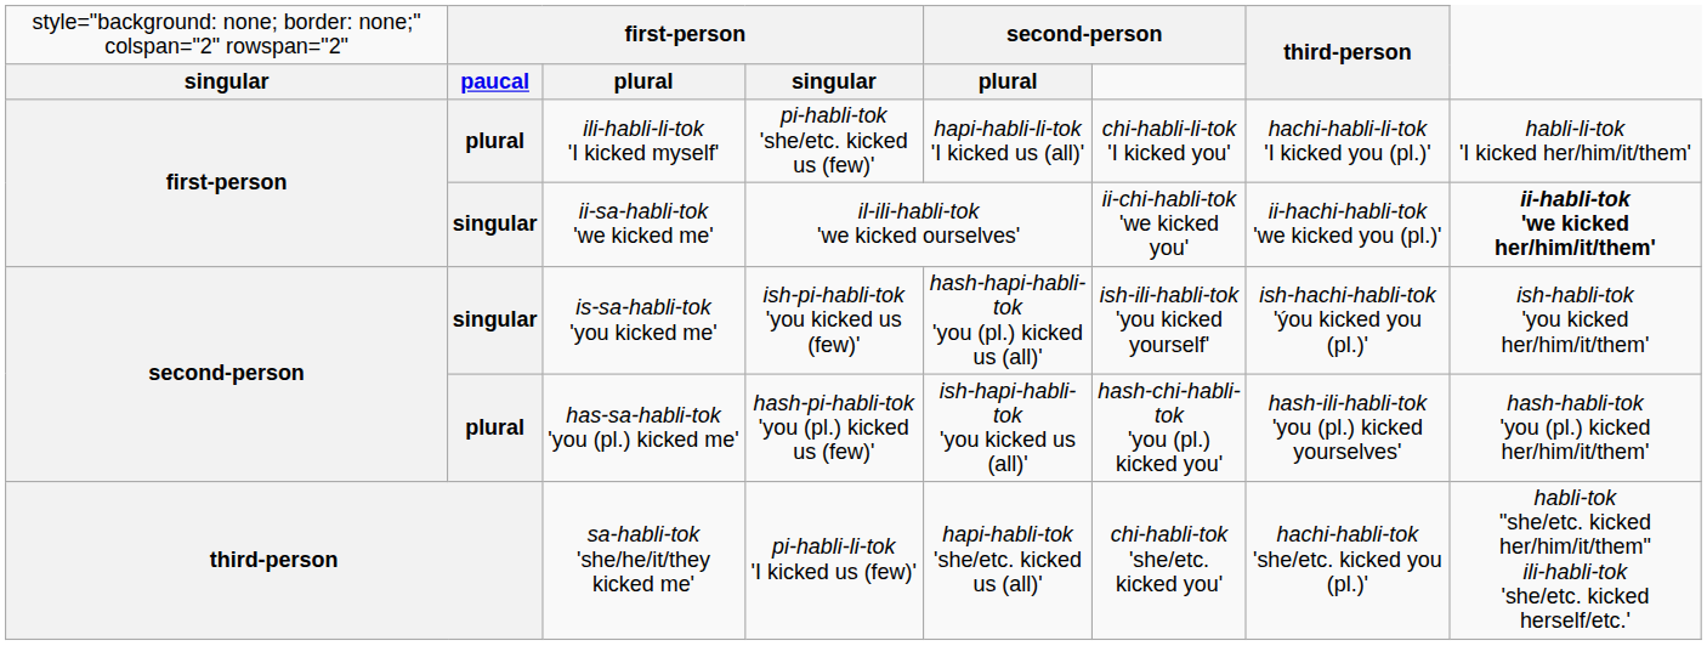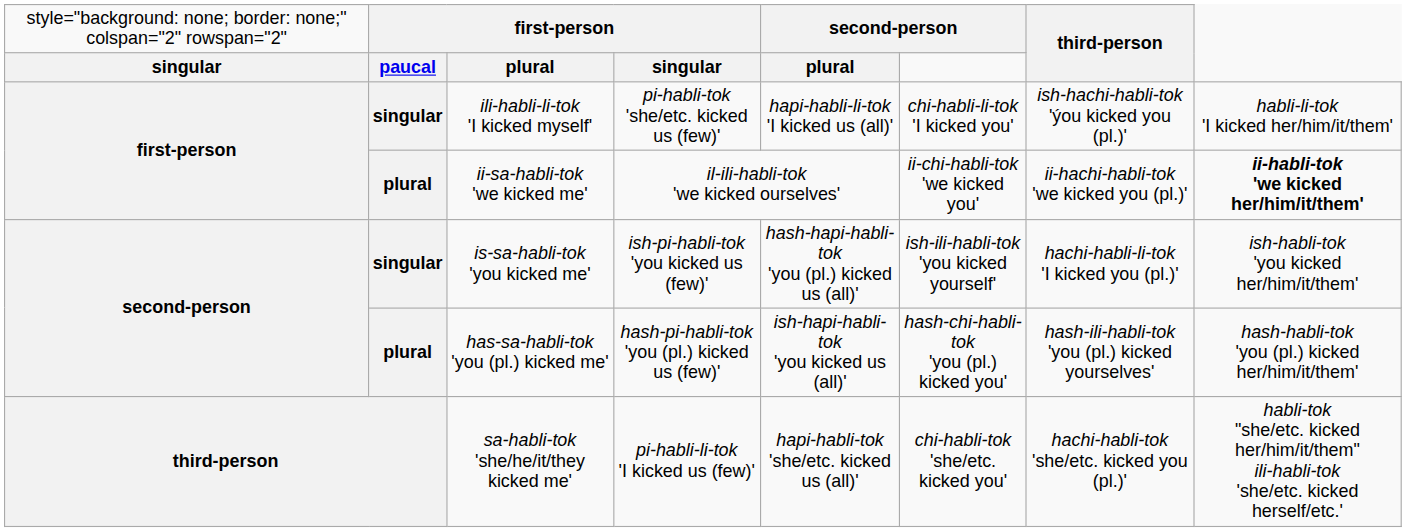 <table class="wikitable" style="border: none; text-align: center;">
 <tr>
 <td>style="background: none; border: none;" colspan="2" rowspan="2" </td>
 <th colspan="3">first-person</th>
 <th colspan="2">second-person</th>
 <th rowspan="2">third-person</th>
 </tr>
 <tr>
 <th>singular</th>
 <th><a href='#'>paucal</a></th>
 <th>plural</th>
 <th>singular</th>
 <th>plural</th>
 </tr>
 <tr>
 <th rowspan="2">first-person</th>
-<th>plural</th>
+<th>singular</th>
 <td><em>ili-habli-li-tok</em> <br> 'I kicked myself'</td>
 <td><em>pi-habli-tok</em> <br> 'she/etc. kicked us (few)'</td>
 <td><em>hapi-habli-li-tok</em> <br> 'I kicked us (all)'</td>
 <td><em>chi-habli-li-tok</em> <br> 'I kicked you'</td>
-<td><em>hachi-habli-li-tok</em> <br> 'I kicked you (pl.)'</td>
+<td><em>ish-hachi-habli-tok</em> <br> 'ýou kicked you (pl.)'</td>
 <td><em>habli-li-tok</em> <br> 'I kicked her/him/it/them'</td>
 </tr>
 <tr>
-<th>singular</th>
+<th>plural</th>
 <td><em>ii-sa-habli-tok</em> <br> 'we kicked me'</td>
 <td colspan="2"><em>il-ili-habli-tok</em> <br> 'we kicked ourselves'</td>
 <td><em>ii-chi-habli-tok</em> <br> 'we kicked you'</td>
 <td><em>ii-hachi-habli-tok</em> <br> 'we kicked you (pl.)'</td>
 <td><strong><em>ii-habli-tok</em> <br> 'we kicked her/him/it/them'</strong></td>
 </tr>
 <tr>
 <th rowspan="2">second-person</th>
 <th>singular</th>
 <td><em>is-sa-habli-tok</em> <br> 'you kicked me'</td>
 <td><em>ish-pi-habli-tok</em> <br> 'you kicked us (few)'</td>
 <td><em>hash-hapi-habli-tok</em> <br> 'you (pl.) kicked us (all)'</td>
 <td><em>ish-ili-habli-tok</em> <br> 'you kicked yourself'</td>
-<td><em>ish-hachi-habli-tok</em> <br> 'ýou kicked you (pl.)'</td>
+<td><em>hachi-habli-li-tok</em> <br> 'I kicked you (pl.)'</td>
 <td><em>ish-habli-tok</em> <br> 'you kicked her/him/it/them'</td>
 </tr>
 <tr>
 <th>plural</th>
 <td><em>has-sa-habli-tok</em> <br> 'you (pl.) kicked me'</td>
 <td><em>hash-pi-habli-tok</em> <br> 'you (pl.) kicked us (few)'</td>
 <td><em>ish-hapi-habli-tok</em> <br> 'you kicked us (all)'</td>
 <td><em>hash-chi-habli-tok</em> <br> 'you (pl.) kicked you'</td>
 <td><em>hash-ili-habli-tok</em> <br> 'you (pl.) kicked yourselves'</td>
 <td><em>hash-habli-tok</em> <br> 'you (pl.) kicked her/him/it/them'</td>
 </tr>
 <tr>
 <th colspan="2">third-person</th>
 <td><em>sa-habli-tok</em> <br> 'she/he/it/they kicked me'</td>
 <td><em>pi-habli-li-tok</em> <br> 'I kicked us (few)'</td>
 <td><em>hapi-habli-tok</em> <br> 'she/etc. kicked us (all)'</td>
 <td><em>chi-habli-tok</em> <br> 'she/etc. kicked you'</td>
 <td><em>hachi-habli-tok</em> <br> 'she/etc. kicked you (pl.)'</td>
 <td><em>habli-tok</em> <br> "she/etc. kicked her/him/it/them" <br> <em>ili-habli-tok</em> <br> 'she/etc. kicked herself/etc.'</td>
 </tr>
 <tr>
 </tr>
 </table>
